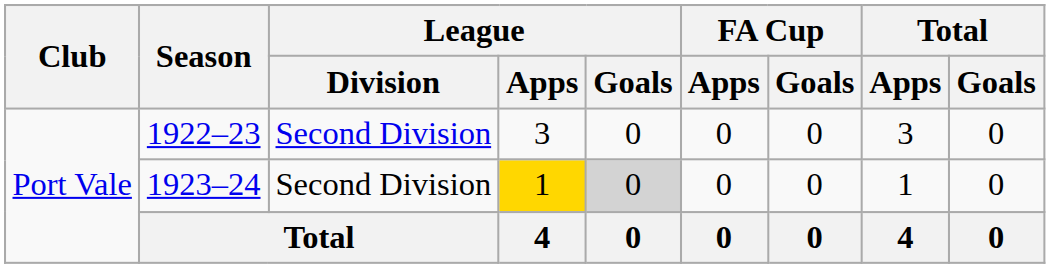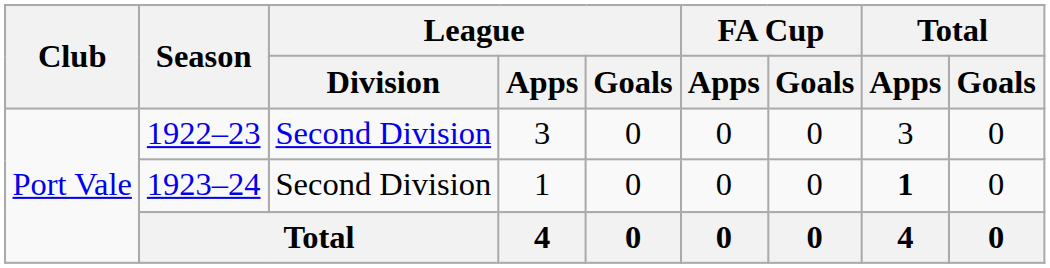 <table class="wikitable" style="text-align: center;">
 <tr>
 <th rowspan="2">Club</th>
 <th rowspan="2">Season</th>
 <th colspan="3">League</th>
 <th colspan="2">FA Cup</th>
 <th colspan="2">Total</th>
 </tr>
 <tr>
 <th>Division</th>
 <th>Apps</th>
 <th>Goals</th>
 <th>Apps</th>
 <th>Goals</th>
 <th>Apps</th>
 <th>Goals</th>
 </tr>
 <tr>
 <td rowspan="3"><a href='#'>Port Vale</a></td>
 <td><a href='#'>1922–23</a></td>
 <td><a href='#'>Second Division</a></td>
 <td>3</td>
 <td>0</td>
 <td>0</td>
 <td>0</td>
 <td>3</td>
 <td>0</td>
 </tr>
 <tr>
 <td><a href='#'>1923–24</a></td>
 <td>Second Division</td>
-<td style="background: gold;">1</td>
-<td style="background: lightgrey;">0</td>
+<td>1</td>
 <td>0</td>
 <td>0</td>
-<td>1</td>
+<td>0</td>
+<td><strong>1</strong></td>
 <td>0</td>
 </tr>
 <tr>
 <th colspan="2">Total</th>
 <th>4</th>
 <th>0</th>
 <th>0</th>
 <th>0</th>
 <th>4</th>
 <th>0</th>
 </tr>
 </table>
